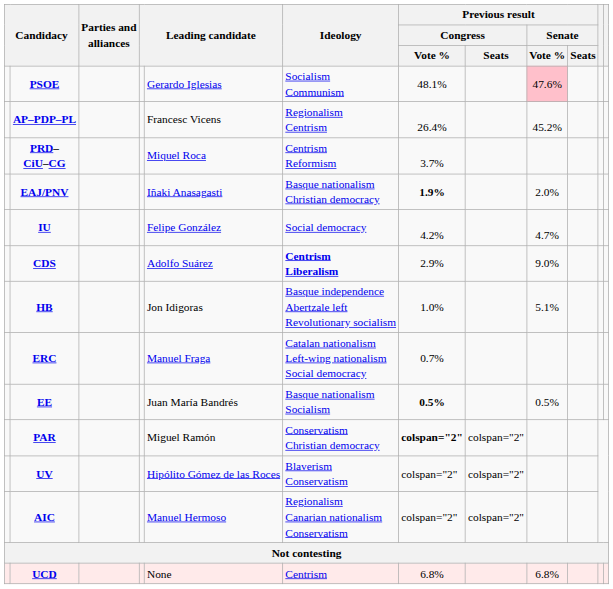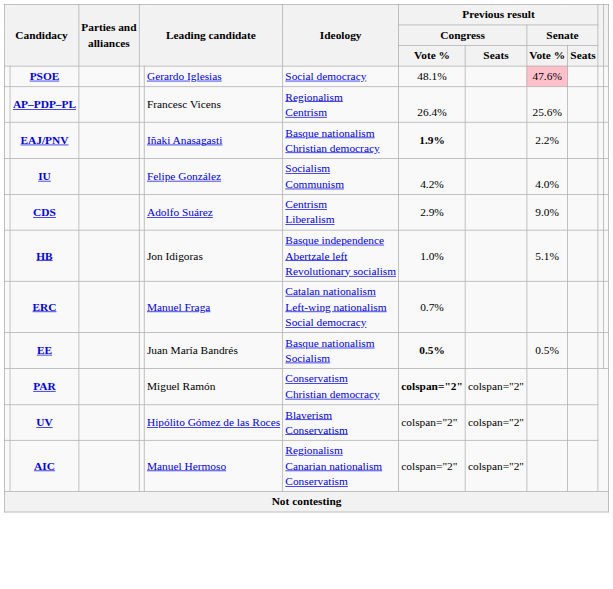 <table class="wikitable" style="line-height:1.35em; text-align:left;">
 <tr>
 <th colspan="2" rowspan="3">Candidacy</th>
 <th rowspan="3">Parties and<br>alliances</th>
 <th colspan="2" rowspan="3">Leading candidate</th>
 <th rowspan="3">Ideology</th>
 <th colspan="4">Previous result</th>
 <th rowspan="3"></th>
 <th rowspan="3"></th>
 </tr>
 <tr>
 <th colspan="2">Congress</th>
 <th colspan="2">Senate</th>
 </tr>
 <tr>
 <th>Vote %</th>
 <th>Seats</th>
 <th>Vote %</th>
 <th>Seats</th>
 </tr>
 <tr>
 <td width="1" style="color:inherit;background:"></td>
 <td align="center"><strong><a href='#'>PSOE</a></strong></td>
 <td></td>
 <td></td>
 <td><a href='#'>Gerardo Iglesias</a></td>
-<td><a href='#'>Socialism</a><br><a href='#'>Communism</a></td>
+<td><a href='#'>Social democracy</a></td>
 <td align="center">48.1%</td>
 <td></td>
 <td align="center" style="background: pink;">47.6%</td>
 <td></td>
 <td></td>
 <td></td>
 </tr>
 <tr>
 <td style="color:inherit;background:"></td>
 <td align="center"><strong><a href='#'>AP–PDP–PL</a></strong></td>
 <td></td>
 <td></td>
 <td>Francesc Vicens</td>
 <td><a href='#'>Regionalism</a><br><a href='#'>Centrism</a></td>
 <td align="center"><br>26.4%<br></td>
 <td></td>
-<td align="center"><br>45.2%<br></td>
-<td></td>
-<td></td>
-<td></td>
-</tr>
-<tr>
-<td style="color:inherit;background:"></td>
-<td align="center"><strong><a href='#'>PRD</a>–<br><a href='#'>CiU</a>–<a href='#'>CG</a></strong></td>
-<td></td>
-<td></td>
-<td><a href='#'>Miquel Roca</a></td>
-<td><a href='#'>Centrism</a><br><a href='#'>Reformism</a></td>
-<td align="center"><br>3.7%<br></td>
-<td></td>
-<td align="center"></td>
+<td align="center"><br>25.6%<br></td>
 <td></td>
 <td></td>
 <td></td>
 </tr>
 <tr>
 <td style="color:inherit;background:"></td>
 <td align="center"><strong><a href='#'>EAJ/PNV</a></strong></td>
 <td></td>
 <td></td>
 <td><a href='#'>Iñaki Anasagasti</a></td>
 <td><a href='#'>Basque nationalism</a><br><a href='#'>Christian democracy</a></td>
 <td align="center"><strong>1.9%</strong></td>
 <td></td>
-<td align="center">2.0%</td>
+<td align="center">2.2%</td>
 <td></td>
 <td></td>
 <td></td>
 </tr>
 <tr>
 <td style="color:inherit;background:"></td>
 <td align="center"><strong><a href='#'>IU</a></strong></td>
 <td></td>
 <td></td>
 <td><a href='#'>Felipe González</a></td>
-<td><a href='#'>Social democracy</a></td>
+<td><a href='#'>Socialism</a><br><a href='#'>Communism</a></td>
 <td align="center"><br>4.2%<br></td>
 <td></td>
-<td align="center"><br>4.7%<br></td>
+<td align="center"><br>4.0%<br></td>
 <td></td>
 <td></td>
 <td></td>
 </tr>
 <tr>
 <td style="color:inherit;background:"></td>
 <td align="center"><strong><a href='#'>CDS</a></strong></td>
 <td></td>
 <td></td>
 <td><a href='#'>Adolfo Suárez</a></td>
-<td><strong><a href='#'>Centrism</a><br><a href='#'>Liberalism</a></strong></td>
+<td><a href='#'>Centrism</a><br><a href='#'>Liberalism</a></td>
 <td align="center">2.9%</td>
 <td></td>
 <td align="center">9.0%</td>
 <td></td>
 <td></td>
 <td></td>
 </tr>
 <tr>
 <td style="color:inherit;background:"></td>
 <td align="center"><strong><a href='#'>HB</a></strong></td>
 <td></td>
 <td></td>
 <td>Jon Idigoras</td>
 <td><a href='#'>Basque independence</a><br><a href='#'>Abertzale left</a><br><a href='#'>Revolutionary socialism</a></td>
 <td align="center">1.0%</td>
 <td></td>
 <td align="center">5.1%</td>
 <td></td>
 <td></td>
 <td></td>
 </tr>
 <tr>
 <td style="color:inherit;background:"></td>
 <td align="center"><strong><a href='#'>ERC</a></strong></td>
 <td></td>
 <td></td>
 <td><a href='#'>Manuel Fraga</a></td>
 <td><a href='#'>Catalan nationalism</a><br><a href='#'>Left-wing nationalism</a><br><a href='#'>Social democracy</a></td>
 <td align="center">0.7%</td>
 <td></td>
 <td align="center"></td>
 <td></td>
 <td></td>
 <td></td>
 </tr>
 <tr>
 <td style="color:inherit;background:"></td>
 <td align="center"><strong><a href='#'>EE</a></strong></td>
 <td></td>
 <td></td>
 <td>Juan María Bandrés</td>
 <td><a href='#'>Basque nationalism</a><br><a href='#'>Socialism</a></td>
 <td align="center"><strong>0.5%</strong></td>
 <td></td>
 <td align="center">0.5%</td>
 <td></td>
 <td></td>
 <td></td>
 </tr>
 <tr>
 <td style="color:inherit;background:"></td>
 <td align="center"><strong><a href='#'>PAR</a></strong></td>
 <td></td>
 <td></td>
 <td>Miguel Ramón</td>
 <td><a href='#'>Conservatism</a><br><a href='#'>Christian democracy</a></td>
 <td><strong>colspan="2" </strong></td>
 <td>colspan="2" </td>
 <td></td>
 <td></td>
 </tr>
 <tr>
 <td style="color:inherit;background:"></td>
 <td align="center"><strong><a href='#'>UV</a></strong></td>
 <td></td>
 <td></td>
 <td><a href='#'>Hipólito Gómez de las Roces</a></td>
 <td><a href='#'>Blaverism</a><br><a href='#'>Conservatism</a></td>
 <td>colspan="2" </td>
 <td>colspan="2" </td>
 <td></td>
 <td></td>
 </tr>
 <tr>
 <td style="color:inherit;background:"></td>
 <td align="center"><strong><a href='#'>AIC</a></strong></td>
 <td></td>
 <td></td>
 <td><a href='#'>Manuel Hermoso</a></td>
 <td><a href='#'>Regionalism</a><br><a href='#'>Canarian nationalism</a><br><a href='#'>Conservatism</a></td>
 <td>colspan="2" </td>
 <td>colspan="2" </td>
 <td></td>
 <td></td>
 </tr>
 <tr>
 <th colspan="12">Not contesting</th>
 </tr>
-<tr style="background:#FFEAEA;">
-<td style="color:inherit;background:"></td>
-<td align="center"><strong><a href='#'>UCD</a></strong></td>
-<td></td>
-<td></td>
-<td>None<br></td>
-<td><a href='#'>Centrism</a></td>
-<td align="center">6.8%</td>
-<td></td>
-<td align="center">6.8%</td>
-<td></td>
-<td></td>
-<td></td>
-</tr>
 </table>
